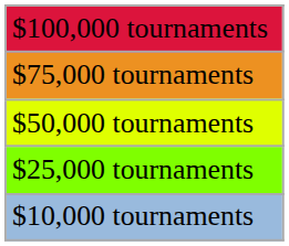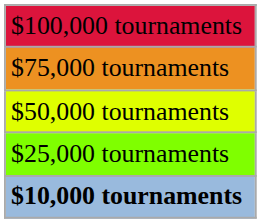 <table class="wikitable" style="font-size:85%;" width=15%>
 <tr bgcolor="#DC143C">
 <td>$100,000 tournaments</td>
 </tr>
 <tr bgcolor="#ED9121">
 <td>$75,000 tournaments</td>
 </tr>
 <tr bgcolor="#DFFF00">
 <td>$50,000 tournaments</td>
 </tr>
 <tr bgcolor="#7FFF00">
 <td>$25,000 tournaments</td>
 </tr>
 <tr bgcolor="#99BADD">
-<td>$10,000 tournaments</td>
+<td><strong>$10,000 tournaments</strong></td>
 </tr>
 </table>
